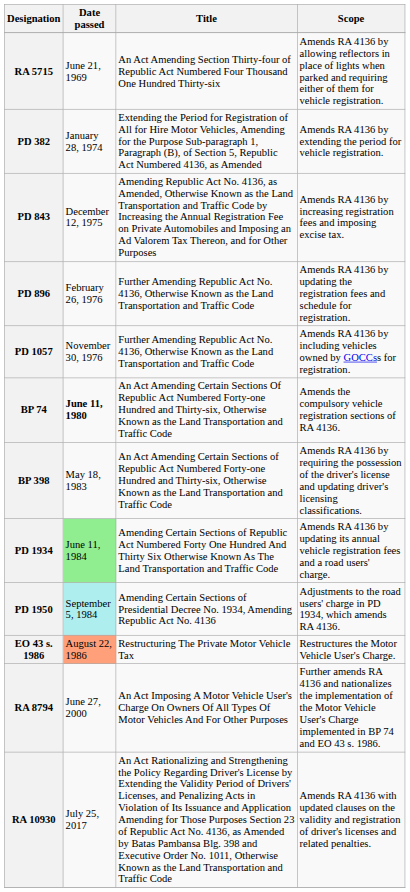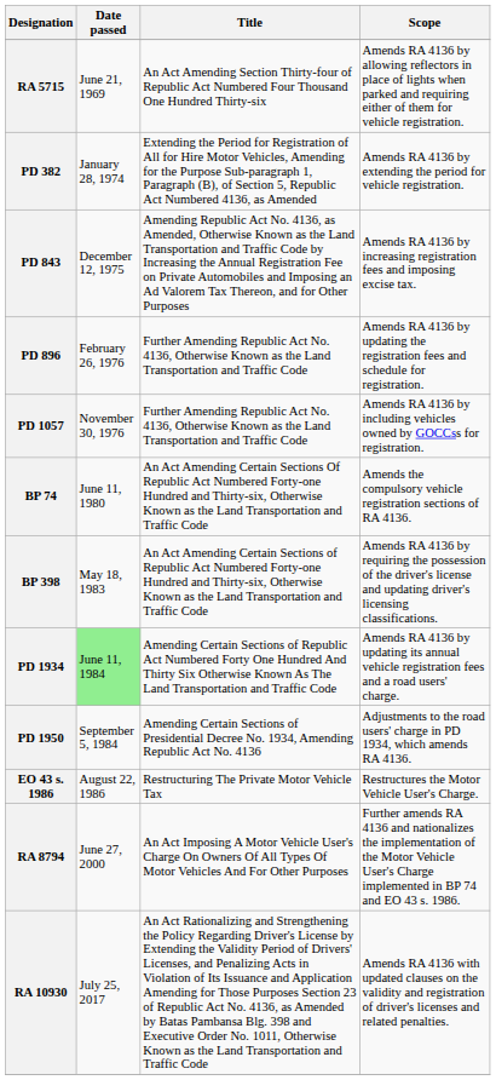 <table class="wikitable sortable collapsible collapsed" style="min-width:50%;">
 <tr>
 <th>Designation</th>
 <th data-sort-type="date">Date passed</th>
 <th>Title</th>
 <th class="unsortable">Scope</th>
 </tr>
 <tr>
 </tr>
 <tr>
 <th>RA 5715</th>
 <td>June 21, 1969</td>
 <td>An Act Amending Section Thirty-four of Republic Act Numbered Four Thousand One Hundred Thirty-six</td>
 <td>Amends RA 4136 by allowing reflectors in place of lights when parked and requiring either of them for vehicle registration.</td>
 </tr>
 <tr>
 <th>PD 382</th>
 <td>January 28, 1974</td>
 <td>Extending the Period for Registration of All for Hire Motor Vehicles, Amending for the Purpose Sub-paragraph 1, Paragraph (B), of Section 5, Republic Act Numbered 4136, as Amended</td>
 <td>Amends RA 4136 by extending the period for vehicle registration.</td>
 </tr>
 <tr>
 <th>PD 843</th>
 <td>December 12, 1975</td>
 <td>Amending Republic Act No. 4136, as Amended, Otherwise Known as the Land Transportation and Traffic Code by Increasing the Annual Registration Fee on Private Automobiles and Imposing an Ad Valorem Tax Thereon, and for Other Purposes</td>
 <td>Amends RA 4136 by increasing registration fees and imposing excise tax.</td>
 </tr>
 <tr>
 <th>PD 896</th>
 <td>February 26, 1976</td>
 <td>Further Amending Republic Act No. 4136, Otherwise Known as the Land Transportation and Traffic Code</td>
 <td>Amends RA 4136 by updating the registration fees and schedule for registration.</td>
 </tr>
 <tr>
 <th>PD 1057</th>
 <td>November 30, 1976</td>
 <td>Further Amending Republic Act No. 4136, Otherwise Known as the Land Transportation and Traffic Code</td>
 <td>Amends RA 4136 by including vehicles owned by <a href='#'>GOCCs</a>s for registration.</td>
 </tr>
 <tr>
 <th>BP 74</th>
-<td><strong>June 11, 1980</strong></td>
+<td>June 11, 1980</td>
 <td>An Act Amending Certain Sections Of Republic Act Numbered Forty-one Hundred and Thirty-six, Otherwise Known as the Land Transportation and Traffic Code</td>
 <td>Amends the compulsory vehicle registration sections of RA 4136.</td>
 </tr>
 <tr>
 <th>BP 398</th>
 <td>May 18, 1983</td>
 <td>An Act Amending Certain Sections of Republic Act Numbered Forty-one Hundred and Thirty-six, Otherwise Known as the Land Transportation and Traffic Code</td>
 <td>Amends RA 4136 by requiring the possession of the driver's license and updating driver's licensing classifications.</td>
 </tr>
 <tr>
 <th>PD 1934</th>
 <td style="background: lightgreen;">June 11, 1984</td>
 <td>Amending Certain Sections of Republic Act Numbered Forty One Hundred And Thirty Six Otherwise Known As The Land Transportation and Traffic Code</td>
 <td>Amends RA 4136 by updating its annual vehicle registration fees and a road users' charge.</td>
 </tr>
 <tr>
 <th>PD 1950</th>
-<td style="background: paleturquoise;">September 5, 1984</td>
+<td>September 5, 1984</td>
 <td>Amending Certain Sections of Presidential Decree No. 1934, Amending Republic Act No. 4136</td>
 <td>Adjustments to the road users' charge in PD 1934, which amends RA 4136.</td>
 </tr>
 <tr>
 <th>EO 43 s. 1986</th>
-<td style="background: lightsalmon;">August 22, 1986</td>
+<td>August 22, 1986</td>
 <td>Restructuring The Private Motor Vehicle Tax</td>
 <td>Restructures the Motor Vehicle User's Charge.</td>
 </tr>
 <tr>
 <th>RA 8794</th>
 <td>June 27, 2000</td>
 <td>An Act Imposing A Motor Vehicle User's Charge On Owners Of All Types Of Motor Vehicles And For Other Purposes</td>
 <td>Further amends RA 4136 and nationalizes the implementation of the Motor Vehicle User's Charge implemented in BP 74 and EO 43 s. 1986.</td>
 </tr>
 <tr>
 <th>RA 10930</th>
 <td>July 25, 2017</td>
 <td>An Act Rationalizing and Strengthening the Policy Regarding Driver's License by Extending the Validity Period of Drivers' Licenses, and Penalizing Acts in Violation of Its Issuance and Application Amending for Those Purposes Section 23 of Republic Act No. 4136, as Amended by Batas Pambansa Blg. 398 and Executive Order No. 1011, Otherwise Known as the Land Transportation and Traffic Code</td>
 <td>Amends RA 4136 with updated clauses on the validity and registration of driver's licenses and related penalties.</td>
 </tr>
 <tr>
 </tr>
 </table>
